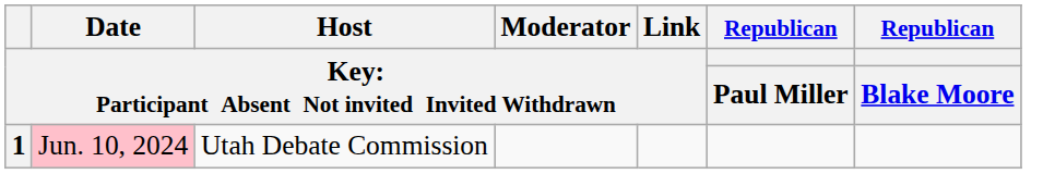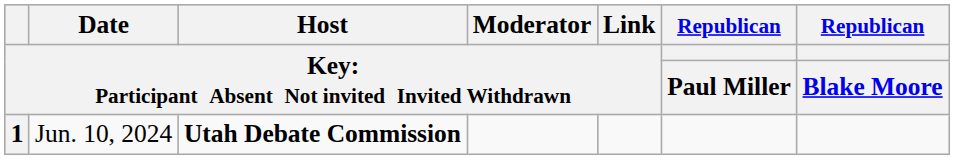 <table class="wikitable" style="text-align:center;">
 <tr>
 <th scope="col"></th>
 <th scope="col">Date</th>
 <th scope="col">Host</th>
 <th scope="col">Moderator</th>
 <th scope="col">Link</th>
 <th scope="col"><small><a href='#'>Republican</a></small></th>
 <th scope="col"><small><a href='#'>Republican</a></small></th>
 </tr>
 <tr>
 <th colspan="5" rowspan="2">Key:<br> <small>Participant </small>  <small>Absent </small>  <small>Not invited </small>  <small>Invited  Withdrawn</small></th>
 <th scope="col" style="background:"></th>
 <th scope="col" style="background:"></th>
 </tr>
 <tr>
 <th scope="col">Paul Miller</th>
 <th scope="col"><a href='#'>Blake Moore</a></th>
 </tr>
 <tr>
 <th>1</th>
-<td style="background: pink; white-space:nowrap;">Jun. 10, 2024</td>
-<td style="white-space:nowrap;">Utah Debate Commission</td>
+<td style="white-space:nowrap;">Jun. 10, 2024</td>
+<td style="white-space:nowrap;"><strong>Utah Debate Commission</strong></td>
 <td style="white-space:nowrap;"></td>
 <td style="white-space:nowrap;"></td>
 <td></td>
 <td></td>
 </tr>
 </table>
